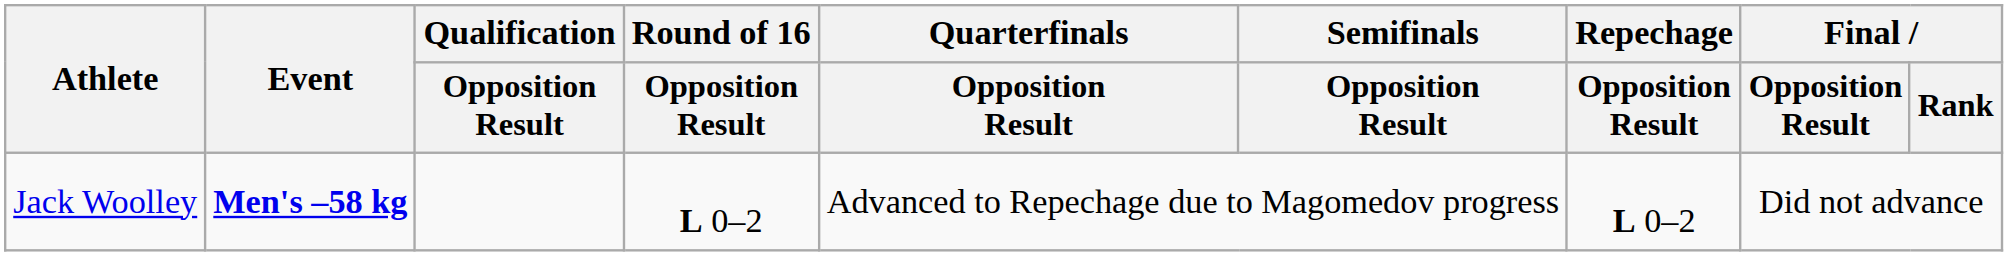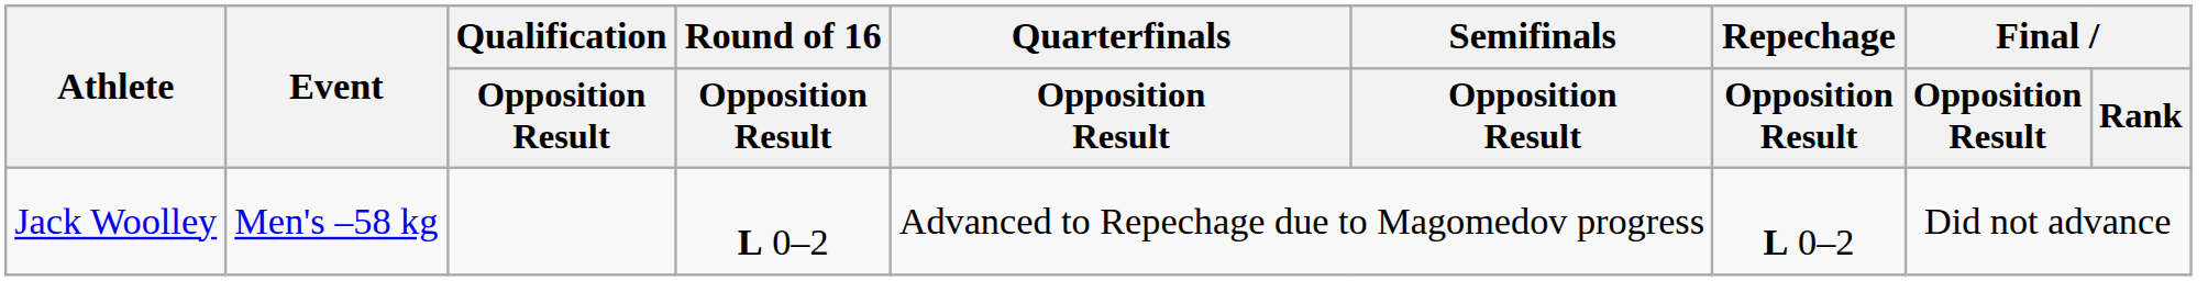 <table class=wikitable style=font-size:90%;text-align:center>
 <tr>
 <th rowspan=2>Athlete</th>
 <th rowspan=2>Event</th>
 <th>Qualification</th>
 <th>Round of 16</th>
 <th>Quarterfinals</th>
 <th>Semifinals</th>
 <th>Repechage</th>
 <th colspan=2>Final / </th>
 </tr>
 <tr style=font-size:95%>
 <th>Opposition<br>Result</th>
 <th>Opposition<br>Result</th>
 <th>Opposition<br>Result</th>
 <th>Opposition<br>Result</th>
 <th>Opposition<br>Result</th>
 <th>Opposition<br>Result</th>
 <th>Rank</th>
 </tr>
 <tr align=center>
 <td align=left><a href='#'>Jack Woolley</a></td>
-<td align=left><strong><a href='#'>Men's –58 kg</a></strong></td>
+<td align=left><a href='#'>Men's –58 kg</a></td>
 <td></td>
 <td><br><strong>L</strong> 0–2</td>
 <td colspan=2>Advanced to Repechage due to Magomedov progress</td>
 <td><br><strong>L</strong> 0–2</td>
 <td colspan=3>Did not advance</td>
 </tr>
 </table>
